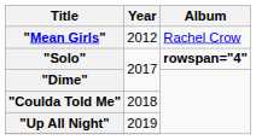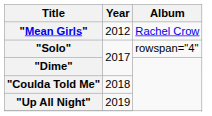 <table class="wikitable plainrowheaders">
 <tr>
 <th>Title</th>
 <th>Year</th>
 <th>Album</th>
 </tr>
 <tr>
 <th scope="row">"<a href='#'>Mean Girls</a>"</th>
 <td>2012</td>
 <td><a href='#'>Rachel Crow</a></td>
 </tr>
 <tr>
 <th scope="row">"Solo"</th>
 <td rowspan="2">2017</td>
-<td><strong>rowspan="4" </strong></td>
+<td>rowspan="4" </td>
 </tr>
 <tr>
 <th scope="row">"Dime"</th>
 </tr>
 <tr>
 <th scope="row">"Coulda Told Me"</th>
 <td>2018</td>
 </tr>
 <tr>
 <th scope="row">"Up All Night"</th>
 <td>2019</td>
 </tr>
 <tr>
 </tr>
 </table>
